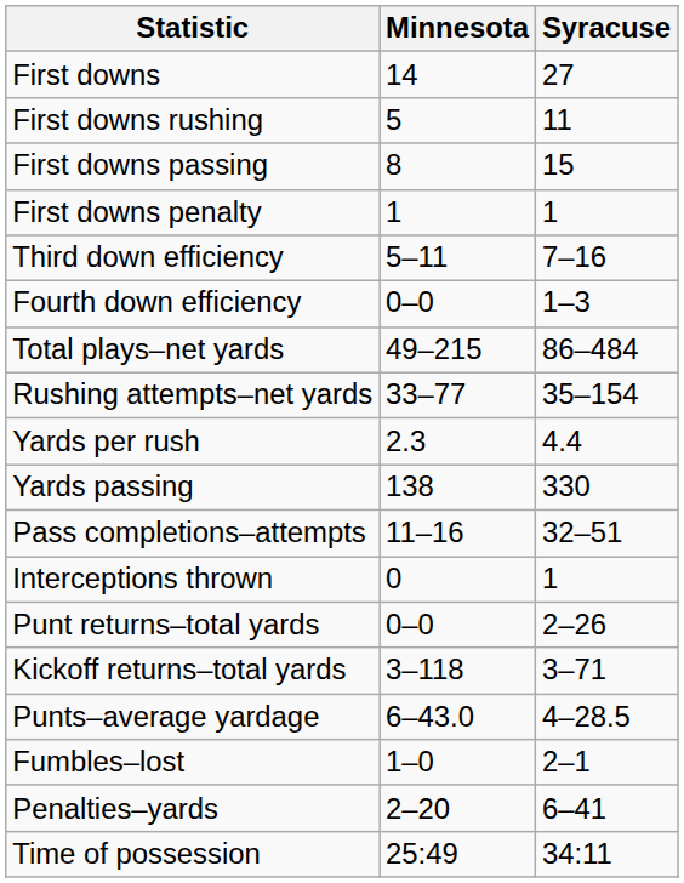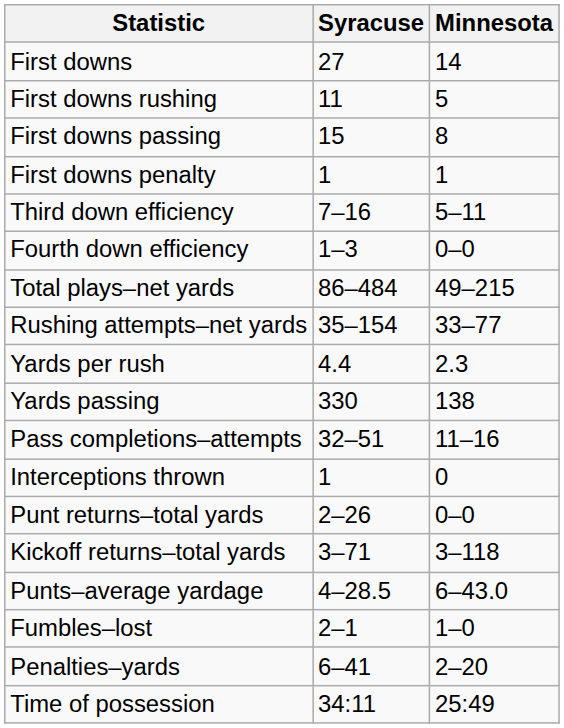 <table class="wikitable">
 <tr>
 <th>Statistic</th>
+<th><strong>Syracuse</strong></th>
 <th><strong>Minnesota</strong></th>
-<th><strong>Syracuse</strong></th>
 </tr>
 <tr>
 <td>First downs</td>
+<td>27</td>
 <td>14</td>
-<td>27</td>
 </tr>
 <tr>
 <td>First downs rushing</td>
+<td>11</td>
 <td>5</td>
-<td>11</td>
 </tr>
 <tr>
 <td>First downs passing</td>
+<td>15</td>
 <td>8</td>
-<td>15</td>
 </tr>
 <tr>
 <td>First downs penalty</td>
 <td>1</td>
 <td>1</td>
 </tr>
 <tr>
 <td>Third down efficiency</td>
+<td>7–16</td>
 <td>5–11</td>
-<td>7–16</td>
 </tr>
 <tr>
 <td>Fourth down efficiency</td>
+<td>1–3</td>
 <td>0–0</td>
-<td>1–3</td>
 </tr>
 <tr>
 <td>Total plays–net yards</td>
+<td>86–484</td>
 <td>49–215</td>
-<td>86–484</td>
 </tr>
 <tr>
 <td>Rushing attempts–net yards</td>
+<td>35–154</td>
 <td>33–77</td>
-<td>35–154</td>
 </tr>
 <tr>
 <td>Yards per rush</td>
+<td>4.4</td>
 <td>2.3</td>
-<td>4.4</td>
 </tr>
 <tr>
 <td>Yards passing</td>
+<td>330</td>
 <td>138</td>
-<td>330</td>
 </tr>
 <tr>
 <td>Pass completions–attempts</td>
+<td>32–51</td>
 <td>11–16</td>
-<td>32–51</td>
 </tr>
 <tr>
 <td>Interceptions thrown</td>
+<td>1</td>
 <td>0</td>
-<td>1</td>
 </tr>
 <tr>
 <td>Punt returns–total yards</td>
+<td>2–26</td>
 <td>0–0</td>
-<td>2–26</td>
 </tr>
 <tr>
 <td>Kickoff returns–total yards</td>
+<td>3–71</td>
 <td>3–118</td>
-<td>3–71</td>
 </tr>
 <tr>
 <td>Punts–average yardage</td>
+<td>4–28.5</td>
 <td>6–43.0</td>
-<td>4–28.5</td>
 </tr>
 <tr>
 <td>Fumbles–lost</td>
+<td>2–1</td>
 <td>1–0</td>
-<td>2–1</td>
 </tr>
 <tr>
 <td>Penalties–yards</td>
+<td>6–41</td>
 <td>2–20</td>
-<td>6–41</td>
 </tr>
 <tr>
 <td>Time of possession</td>
+<td>34:11</td>
 <td>25:49</td>
-<td>34:11</td>
 </tr>
 </table>
